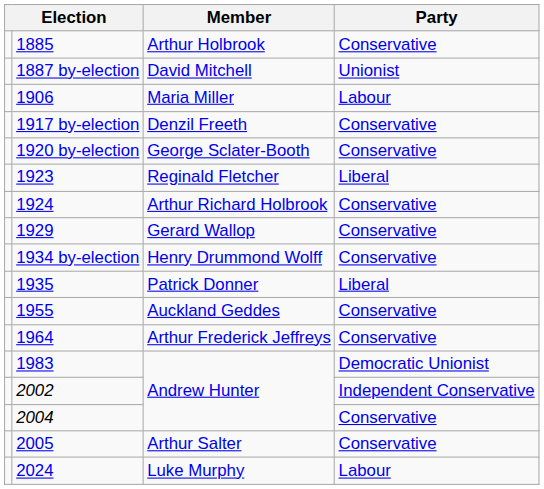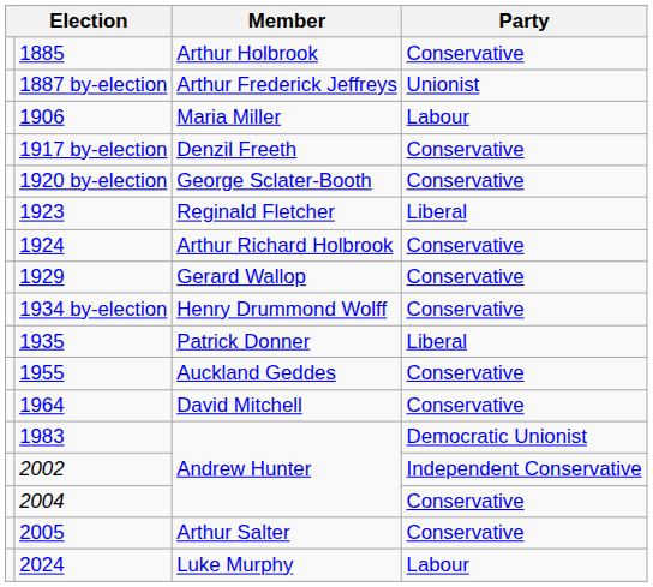 <table class="wikitable">
 <tr>
 <th colspan="2">Election</th>
 <th>Member</th>
 <th>Party</th>
 </tr>
 <tr>
 <td style="color:inherit;background-color: "></td>
 <td><a href='#'>1885</a></td>
 <td><a href='#'>Arthur Holbrook</a></td>
 <td><a href='#'>Conservative</a></td>
 </tr>
 <tr>
 <td style="color:inherit;background-color: "></td>
 <td><a href='#'>1887 by-election</a></td>
-<td><a href='#'>David Mitchell</a></td>
+<td><a href='#'>Arthur Frederick Jeffreys</a></td>
 <td><a href='#'>Unionist</a></td>
 </tr>
 <tr>
 <td style="color:inherit;background-color: "></td>
 <td><a href='#'>1906</a></td>
 <td><a href='#'>Maria Miller</a></td>
 <td><a href='#'>Labour</a></td>
 </tr>
 <tr>
 <td style="color:inherit;background-color: "></td>
 <td><a href='#'>1917 by-election</a></td>
 <td><a href='#'>Denzil Freeth</a></td>
 <td><a href='#'>Conservative</a></td>
 </tr>
 <tr>
 <td style="color:inherit;background-color: "></td>
 <td><a href='#'>1920 by-election</a></td>
 <td><a href='#'>George Sclater-Booth</a></td>
 <td><a href='#'>Conservative</a></td>
 </tr>
 <tr>
 <td style="color:inherit;background-color: "></td>
 <td><a href='#'>1923</a></td>
 <td><a href='#'>Reginald Fletcher</a></td>
 <td><a href='#'>Liberal</a></td>
 </tr>
 <tr>
 <td style="color:inherit;background-color: "></td>
 <td><a href='#'>1924</a></td>
 <td><a href='#'>Arthur Richard Holbrook</a></td>
 <td><a href='#'>Conservative</a></td>
 </tr>
 <tr>
 <td style="color:inherit;background-color: "></td>
 <td><a href='#'>1929</a></td>
 <td><a href='#'>Gerard Wallop</a></td>
 <td><a href='#'>Conservative</a></td>
 </tr>
 <tr>
 <td style="color:inherit;background-color: "></td>
 <td><a href='#'>1934 by-election</a></td>
 <td><a href='#'>Henry Drummond Wolff</a></td>
 <td><a href='#'>Conservative</a></td>
 </tr>
 <tr>
 <td style="color:inherit;background-color: "></td>
 <td><a href='#'>1935</a></td>
 <td><a href='#'>Patrick Donner</a></td>
 <td><a href='#'>Liberal</a></td>
 </tr>
 <tr>
 <td style="color:inherit;background-color: "></td>
 <td><a href='#'>1955</a></td>
 <td><a href='#'>Auckland Geddes</a></td>
 <td><a href='#'>Conservative</a></td>
 </tr>
 <tr>
 <td style="color:inherit;background-color: "></td>
 <td><a href='#'>1964</a></td>
-<td><a href='#'>Arthur Frederick Jeffreys</a></td>
+<td><a href='#'>David Mitchell</a></td>
 <td><a href='#'>Conservative</a></td>
 </tr>
 <tr>
 <td style="color:inherit;background-color: "></td>
 <td><a href='#'>1983</a></td>
 <td rowspan="3"><a href='#'>Andrew Hunter</a></td>
 <td><a href='#'>Democratic Unionist</a></td>
 </tr>
 <tr>
 <td style="color:inherit;background-color: "></td>
 <td><em>2002</em></td>
 <td><a href='#'>Independent Conservative</a></td>
 </tr>
 <tr>
 <td style="color:inherit;background-color: "></td>
 <td><em>2004</em></td>
 <td><a href='#'>Conservative</a></td>
 </tr>
 <tr>
 <td style="color:inherit;background-color: "></td>
 <td><a href='#'>2005</a></td>
 <td><a href='#'>Arthur Salter</a></td>
 <td><a href='#'>Conservative</a></td>
 </tr>
 <tr>
 <td style="color:inherit;background-color: "></td>
 <td><a href='#'>2024</a></td>
 <td><a href='#'>Luke Murphy</a></td>
 <td><a href='#'>Labour</a></td>
 </tr>
 </table>
